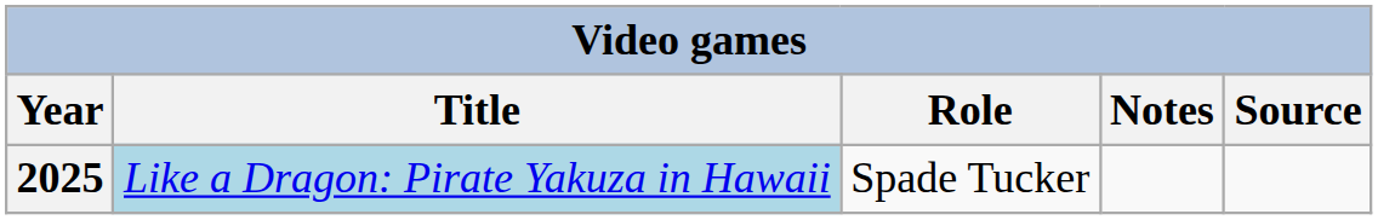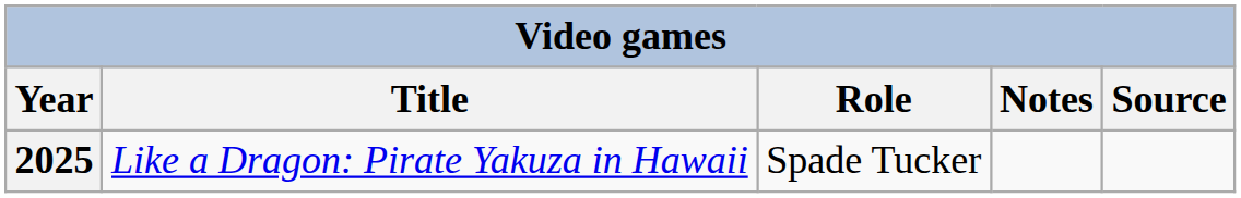 <table class="wikitable plainrowheaders">
 <tr>
 <th colspan="5" style="background: LightSteelBlue;">Video games</th>
 </tr>
 <tr>
 <th scope="col">Year</th>
 <th scope="col">Title</th>
 <th scope="col">Role</th>
 <th scope="col">Notes</th>
 <th scope="col">Source</th>
 </tr>
 <tr>
 <th scope="row">2025</th>
-<td style="background: lightblue;"><em><a href='#'>Like a Dragon: Pirate Yakuza in Hawaii</a></em></td>
+<td><em><a href='#'>Like a Dragon: Pirate Yakuza in Hawaii</a></em></td>
 <td>Spade Tucker</td>
 <td></td>
 <td></td>
 </tr>
 </table>
